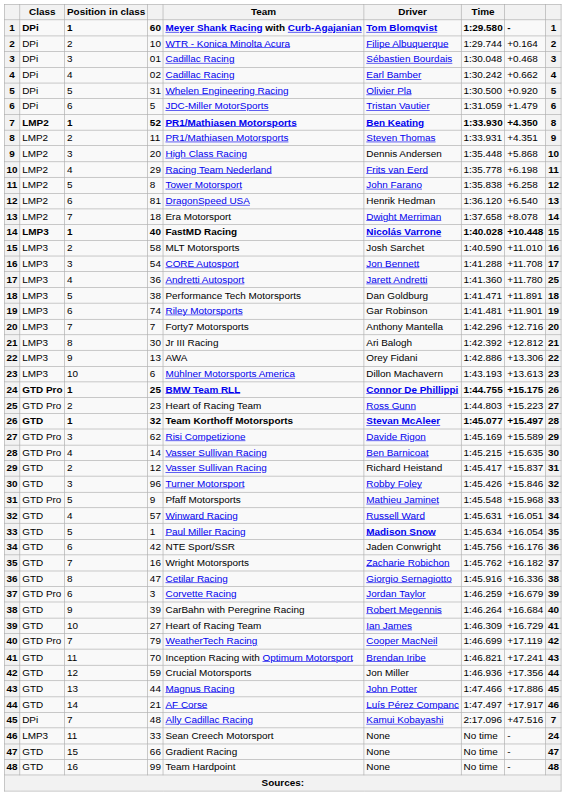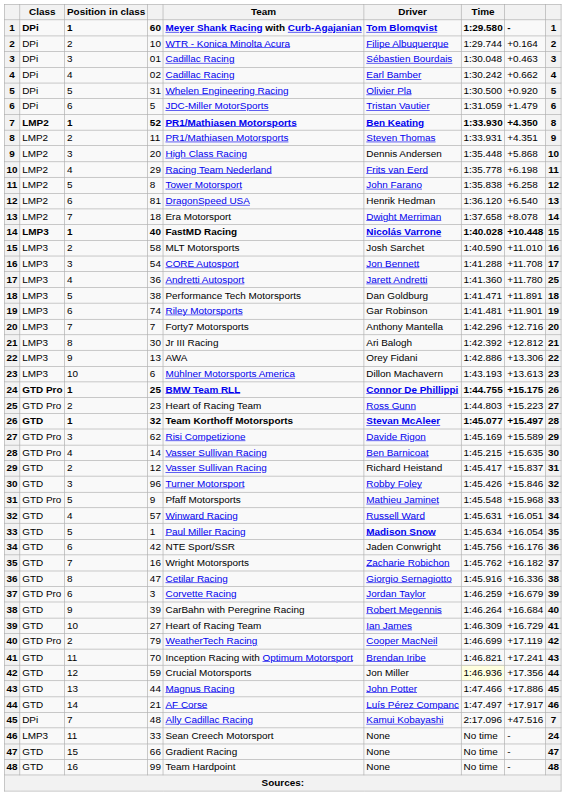 <table class="wikitable">
 <tr>
 <th scope="col"></th>
 <th scope="col">Class</th>
 <th scope="col">Position in class</th>
 <th scope="col"></th>
 <th scope="col">Team</th>
 <th scope="col">Driver</th>
 <th scope="col">Time</th>
 <th scope="col"></th>
 <th scope="col"></th>
 </tr>
 <tr style="font-weight:bold">
 <th scope="row">1</th>
 <td>DPi</td>
 <td>1</td>
 <td>60</td>
 <td> <a href='#'>Meyer Shank Racing</a> with <a href='#'>Curb-Agajanian</a></td>
 <td> <a href='#'>Tom Blomqvist</a></td>
 <td>1:29.580</td>
 <td>-</td>
 <th><strong>1</strong></th>
 </tr>
 <tr>
 <th scope="row">2</th>
 <td>DPi</td>
 <td>2</td>
 <td>10</td>
 <td> <a href='#'>WTR - Konica Minolta Acura</a></td>
 <td> <a href='#'>Filipe Albuquerque</a></td>
 <td>1:29.744</td>
 <td>+0.164</td>
 <th>2</th>
 </tr>
 <tr>
 <th scope="row">3</th>
 <td>DPi</td>
 <td>3</td>
 <td>01</td>
 <td> <a href='#'>Cadillac Racing</a></td>
 <td> <a href='#'>Sébastien Bourdais</a></td>
 <td>1:30.048</td>
-<td>+0.468</td>
+<td>+0.463</td>
 <th>3</th>
 </tr>
 <tr>
 <th scope="row">4</th>
 <td>DPi</td>
 <td>4</td>
 <td>02</td>
 <td> <a href='#'>Cadillac Racing</a></td>
 <td> <a href='#'>Earl Bamber</a></td>
 <td>1:30.242</td>
 <td>+0.662</td>
 <th>4</th>
 </tr>
 <tr>
 <th scope="row">5</th>
 <td>DPi</td>
 <td>5</td>
 <td>31</td>
 <td> <a href='#'>Whelen Engineering Racing</a></td>
 <td> <a href='#'>Olivier Pla</a></td>
 <td>1:30.500</td>
 <td>+0.920</td>
 <th>5</th>
 </tr>
 <tr>
 <th scope="row">6</th>
 <td>DPi</td>
 <td>6</td>
 <td>5</td>
 <td> <a href='#'>JDC-Miller MotorSports</a></td>
 <td> <a href='#'>Tristan Vautier</a></td>
 <td>1:31.059</td>
 <td>+1.479</td>
 <th>6</th>
 </tr>
 <tr style="font-weight:bold">
 <th scope="row">7</th>
 <td>LMP2</td>
 <td>1</td>
 <td>52</td>
 <td> <a href='#'>PR1/Mathiasen Motorsports</a></td>
 <td> <a href='#'>Ben Keating</a></td>
 <td>1:33.930</td>
 <td>+4.350</td>
 <th>8</th>
 </tr>
 <tr>
 <th scope="row">8</th>
 <td>LMP2</td>
 <td>2</td>
 <td>11</td>
 <td> <a href='#'>PR1/Mathiasen Motorsports</a></td>
 <td> <a href='#'>Steven Thomas</a></td>
 <td>1:33.931</td>
 <td>+4.351</td>
 <th>9</th>
 </tr>
 <tr>
 <th scope="row">9</th>
 <td>LMP2</td>
 <td>3</td>
 <td>20</td>
 <td> <a href='#'>High Class Racing</a></td>
 <td> Dennis Andersen</td>
 <td>1:35.448</td>
 <td>+5.868</td>
 <th>10</th>
 </tr>
 <tr>
 <th scope="row">10</th>
 <td>LMP2</td>
 <td>4</td>
 <td>29</td>
 <td> <a href='#'>Racing Team Nederland</a></td>
 <td> <a href='#'>Frits van Eerd</a></td>
 <td>1:35.778</td>
 <td>+6.198</td>
 <th>11</th>
 </tr>
 <tr>
 <th scope="row">11</th>
 <td>LMP2</td>
 <td>5</td>
 <td>8</td>
 <td> <a href='#'>Tower Motorsport</a></td>
 <td> <a href='#'>John Farano</a></td>
 <td>1:35.838</td>
 <td>+6.258</td>
 <th>12</th>
 </tr>
 <tr>
 <th scope="row">12</th>
 <td>LMP2</td>
 <td>6</td>
 <td>81</td>
 <td> <a href='#'>DragonSpeed USA</a></td>
 <td> Henrik Hedman</td>
 <td>1:36.120</td>
 <td>+6.540</td>
 <th>13</th>
 </tr>
 <tr>
 <th scope="row">13</th>
 <td>LMP2</td>
 <td>7</td>
 <td>18</td>
 <td> Era Motorsport</td>
 <td> <a href='#'>Dwight Merriman</a></td>
 <td>1:37.658</td>
 <td>+8.078</td>
 <th>14</th>
 </tr>
 <tr style="font-weight:bold">
 <th scope="row">14</th>
 <td>LMP3</td>
 <td>1</td>
 <td>40</td>
 <td> FastMD Racing</td>
 <td> <a href='#'>Nicolás Varrone</a></td>
 <td>1:40.028</td>
 <td>+10.448</td>
 <th>15</th>
 </tr>
 <tr>
 <th scope="row">15</th>
 <td>LMP3</td>
 <td>2</td>
 <td>58</td>
 <td> MLT Motorsports</td>
 <td> Josh Sarchet</td>
 <td>1:40.590</td>
 <td>+11.010</td>
 <th>16</th>
 </tr>
 <tr>
 <th scope="row">16</th>
 <td>LMP3</td>
 <td>3</td>
 <td>54</td>
 <td> <a href='#'>CORE Autosport</a></td>
 <td> <a href='#'>Jon Bennett</a></td>
 <td>1:41.288</td>
 <td>+11.708</td>
 <th>17</th>
 </tr>
 <tr>
 <th scope="row">17</th>
 <td>LMP3</td>
 <td>4</td>
 <td>36</td>
 <td> <a href='#'>Andretti Autosport</a></td>
 <td> <a href='#'>Jarett Andretti</a></td>
 <td>1:41.360</td>
 <td>+11.780</td>
 <th>25</th>
 </tr>
 <tr>
 <th scope="row">18</th>
 <td>LMP3</td>
 <td>5</td>
 <td>38</td>
 <td> Performance Tech Motorsports</td>
 <td> Dan Goldburg</td>
 <td>1:41.471</td>
 <td>+11.891</td>
 <th>18</th>
 </tr>
 <tr>
 <th scope="row">19</th>
 <td>LMP3</td>
 <td>6</td>
 <td>74</td>
 <td> <a href='#'>Riley Motorsports</a></td>
 <td> Gar Robinson</td>
 <td>1:41.481</td>
 <td>+11.901</td>
 <th>19</th>
 </tr>
 <tr>
 <th scope="row">20</th>
 <td>LMP3</td>
 <td>7</td>
 <td>7</td>
 <td> Forty7 Motorsports</td>
 <td> Anthony Mantella</td>
 <td>1:42.296</td>
 <td>+12.716</td>
 <th>20</th>
 </tr>
 <tr>
 <th scope="row">21</th>
 <td>LMP3</td>
 <td>8</td>
 <td>30</td>
 <td> Jr III Racing</td>
 <td> Ari Balogh</td>
 <td>1:42.392</td>
 <td>+12.812</td>
 <th>21</th>
 </tr>
 <tr>
 <th scope="row">22</th>
 <td>LMP3</td>
 <td>9</td>
 <td>13</td>
 <td> AWA</td>
 <td> Orey Fidani</td>
 <td>1:42.886</td>
 <td>+13.306</td>
 <th>22</th>
 </tr>
 <tr>
 <th scope="row">23</th>
 <td>LMP3</td>
 <td>10</td>
 <td>6</td>
 <td> <a href='#'>Mühlner Motorsports America</a></td>
 <td> Dillon Machavern</td>
 <td>1:43.193</td>
 <td>+13.613</td>
 <th>23</th>
 </tr>
 <tr style="font-weight:bold">
 <th scope="row">24</th>
 <td>GTD Pro</td>
 <td>1</td>
 <td>25</td>
 <td> <a href='#'>BMW Team RLL</a></td>
 <td> <a href='#'>Connor De Phillippi</a></td>
 <td>1:44.755</td>
 <td>+15.175</td>
 <th>26</th>
 </tr>
 <tr>
 <th scope="row">25</th>
 <td>GTD Pro</td>
 <td>2</td>
 <td>23</td>
 <td> Heart of Racing Team</td>
 <td> <a href='#'>Ross Gunn</a></td>
 <td>1:44.803</td>
 <td>+15.223</td>
 <th>27</th>
 </tr>
 <tr style="font-weight:bold">
 <th scope="row">26</th>
 <td>GTD</td>
 <td>1</td>
 <td>32</td>
 <td> Team Korthoff Motorsports</td>
 <td> <a href='#'>Stevan McAleer</a></td>
 <td>1:45.077</td>
 <td>+15.497</td>
 <th>28</th>
 </tr>
 <tr>
 <th scope="row">27</th>
 <td>GTD Pro</td>
 <td>3</td>
 <td>62</td>
 <td> <a href='#'>Risi Competizione</a></td>
 <td> <a href='#'>Davide Rigon</a></td>
 <td>1:45.169</td>
 <td>+15.589</td>
 <th>29</th>
 </tr>
 <tr>
 <th scope="row">28</th>
 <td>GTD Pro</td>
 <td>4</td>
 <td>14</td>
 <td> <a href='#'>Vasser Sullivan Racing</a></td>
 <td> <a href='#'>Ben Barnicoat</a></td>
 <td>1:45.215</td>
 <td>+15.635</td>
 <th>30</th>
 </tr>
 <tr>
 <th scope="row">29</th>
 <td>GTD</td>
 <td>2</td>
 <td>12</td>
 <td> <a href='#'>Vasser Sullivan Racing</a></td>
 <td> Richard Heistand</td>
 <td>1:45.417</td>
 <td>+15.837</td>
 <th>31</th>
 </tr>
 <tr>
 <th scope="row">30</th>
 <td>GTD</td>
 <td>3</td>
 <td>96</td>
 <td> <a href='#'>Turner Motorsport</a></td>
 <td> <a href='#'>Robby Foley</a></td>
 <td>1:45.426</td>
 <td>+15.846</td>
 <th>32</th>
 </tr>
 <tr>
 <th scope="row">31</th>
 <td>GTD Pro</td>
 <td>5</td>
 <td>9</td>
 <td> Pfaff Motorsports</td>
 <td> <a href='#'>Mathieu Jaminet</a></td>
 <td>1:45.548</td>
 <td>+15.968</td>
 <th>33</th>
 </tr>
 <tr>
 <th scope="row">32</th>
 <td>GTD</td>
 <td>4</td>
 <td>57</td>
 <td> <a href='#'>Winward Racing</a></td>
 <td> <a href='#'>Russell Ward</a></td>
 <td>1:45.631</td>
 <td>+16.051</td>
 <th>34</th>
 </tr>
 <tr>
 <th scope="row">33</th>
 <td>GTD</td>
 <td>5</td>
 <td>1</td>
 <td> <a href='#'>Paul Miller Racing</a></td>
 <td><strong> <a href='#'>Madison Snow</a></strong></td>
 <td>1:45.634</td>
 <td>+16.054</td>
 <th>35</th>
 </tr>
 <tr>
 <th scope="row">34</th>
 <td>GTD</td>
 <td>6</td>
 <td>42</td>
 <td> NTE Sport/SSR</td>
 <td> Jaden Conwright</td>
 <td>1:45.756</td>
 <td>+16.176</td>
 <th>36</th>
 </tr>
 <tr>
 <th scope="row">35</th>
 <td>GTD</td>
 <td>7</td>
 <td>16</td>
 <td> Wright Motorsports</td>
 <td> <a href='#'>Zacharie Robichon</a></td>
 <td>1:45.762</td>
 <td>+16.182</td>
 <th>37</th>
 </tr>
 <tr>
 <th scope="row">36</th>
 <td>GTD</td>
 <td>8</td>
 <td>47</td>
 <td> <a href='#'>Cetilar Racing</a></td>
 <td> <a href='#'>Giorgio Sernagiotto</a></td>
 <td>1:45.916</td>
 <td>+16.336</td>
 <th>38</th>
 </tr>
 <tr>
 <th scope="row">37</th>
 <td>GTD Pro</td>
 <td>6</td>
 <td>3</td>
 <td> <a href='#'>Corvette Racing</a></td>
 <td> <a href='#'>Jordan Taylor</a></td>
 <td>1:46.259</td>
 <td>+16.679</td>
 <th>39</th>
 </tr>
 <tr>
 <th scope="row">38</th>
 <td>GTD</td>
 <td>9</td>
 <td>39</td>
 <td> CarBahn with Peregrine Racing</td>
 <td> <a href='#'>Robert Megennis</a></td>
 <td>1:46.264</td>
 <td>+16.684</td>
 <th>40</th>
 </tr>
 <tr>
 <th scope="row">39</th>
 <td>GTD</td>
 <td>10</td>
 <td>27</td>
 <td> Heart of Racing Team</td>
 <td> <a href='#'>Ian James</a></td>
 <td>1:46.309</td>
 <td>+16.729</td>
 <th>41</th>
 </tr>
 <tr>
 <th scope="row">40</th>
 <td>GTD Pro</td>
-<td>7</td>
+<td>2</td>
 <td>79</td>
 <td> <a href='#'>WeatherTech Racing</a></td>
 <td> <a href='#'>Cooper MacNeil</a></td>
 <td>1:46.699</td>
 <td>+17.119</td>
 <th>42</th>
 </tr>
 <tr>
 <th scope="row">41</th>
 <td>GTD</td>
 <td>11</td>
 <td>70</td>
 <td> Inception Racing with <a href='#'>Optimum Motorsport</a></td>
 <td> <a href='#'>Brendan Iribe</a></td>
 <td>1:46.821</td>
 <td>+17.241</td>
 <th>43</th>
 </tr>
 <tr>
 <th scope="row">42</th>
 <td>GTD</td>
 <td>12</td>
 <td>59</td>
 <td> Crucial Motorsports</td>
 <td> Jon Miller</td>
-<td>1:46.936</td>
+<td style="background: lightyellow;">1:46.936</td>
 <td>+17.356</td>
 <th>44</th>
 </tr>
 <tr>
 <th scope="row">43</th>
 <td>GTD</td>
 <td>13</td>
 <td>44</td>
 <td> <a href='#'>Magnus Racing</a></td>
 <td> <a href='#'>John Potter</a></td>
 <td>1:47.466</td>
 <td>+17.886</td>
 <th>45</th>
 </tr>
 <tr>
 <th scope="row">44</th>
 <td>GTD</td>
 <td>14</td>
 <td>21</td>
 <td> <a href='#'>AF Corse</a></td>
 <td> <a href='#'>Luís Pérez Companc</a></td>
 <td>1:47.497</td>
 <td>+17.917</td>
 <th>46</th>
 </tr>
 <tr>
 <th scope="row">45</th>
 <td>DPi</td>
 <td>7</td>
 <td>48</td>
 <td> <a href='#'>Ally Cadillac Racing</a></td>
 <td> <a href='#'>Kamui Kobayashi</a></td>
 <td>2:17.096</td>
 <td>+47.516</td>
 <th>7</th>
 </tr>
 <tr>
 <th scope="row">46</th>
 <td>LMP3</td>
 <td>11</td>
 <td>33</td>
 <td> Sean Creech Motorsport</td>
 <td>None</td>
 <td>No time</td>
 <td>-</td>
 <th>24</th>
 </tr>
 <tr>
 <th scope="row">47</th>
 <td>GTD</td>
 <td>15</td>
 <td>66</td>
 <td> Gradient Racing</td>
 <td>None</td>
 <td>No time</td>
 <td>-</td>
 <th>47</th>
 </tr>
 <tr>
 <th scope="row">48</th>
 <td>GTD</td>
 <td>16</td>
 <td>99</td>
 <td> Team Hardpoint</td>
 <td>None</td>
 <td>No time</td>
 <td>-</td>
 <th>48</th>
 </tr>
 <tr>
 <th colspan=9>Sources:</th>
 </tr>
 </table>
